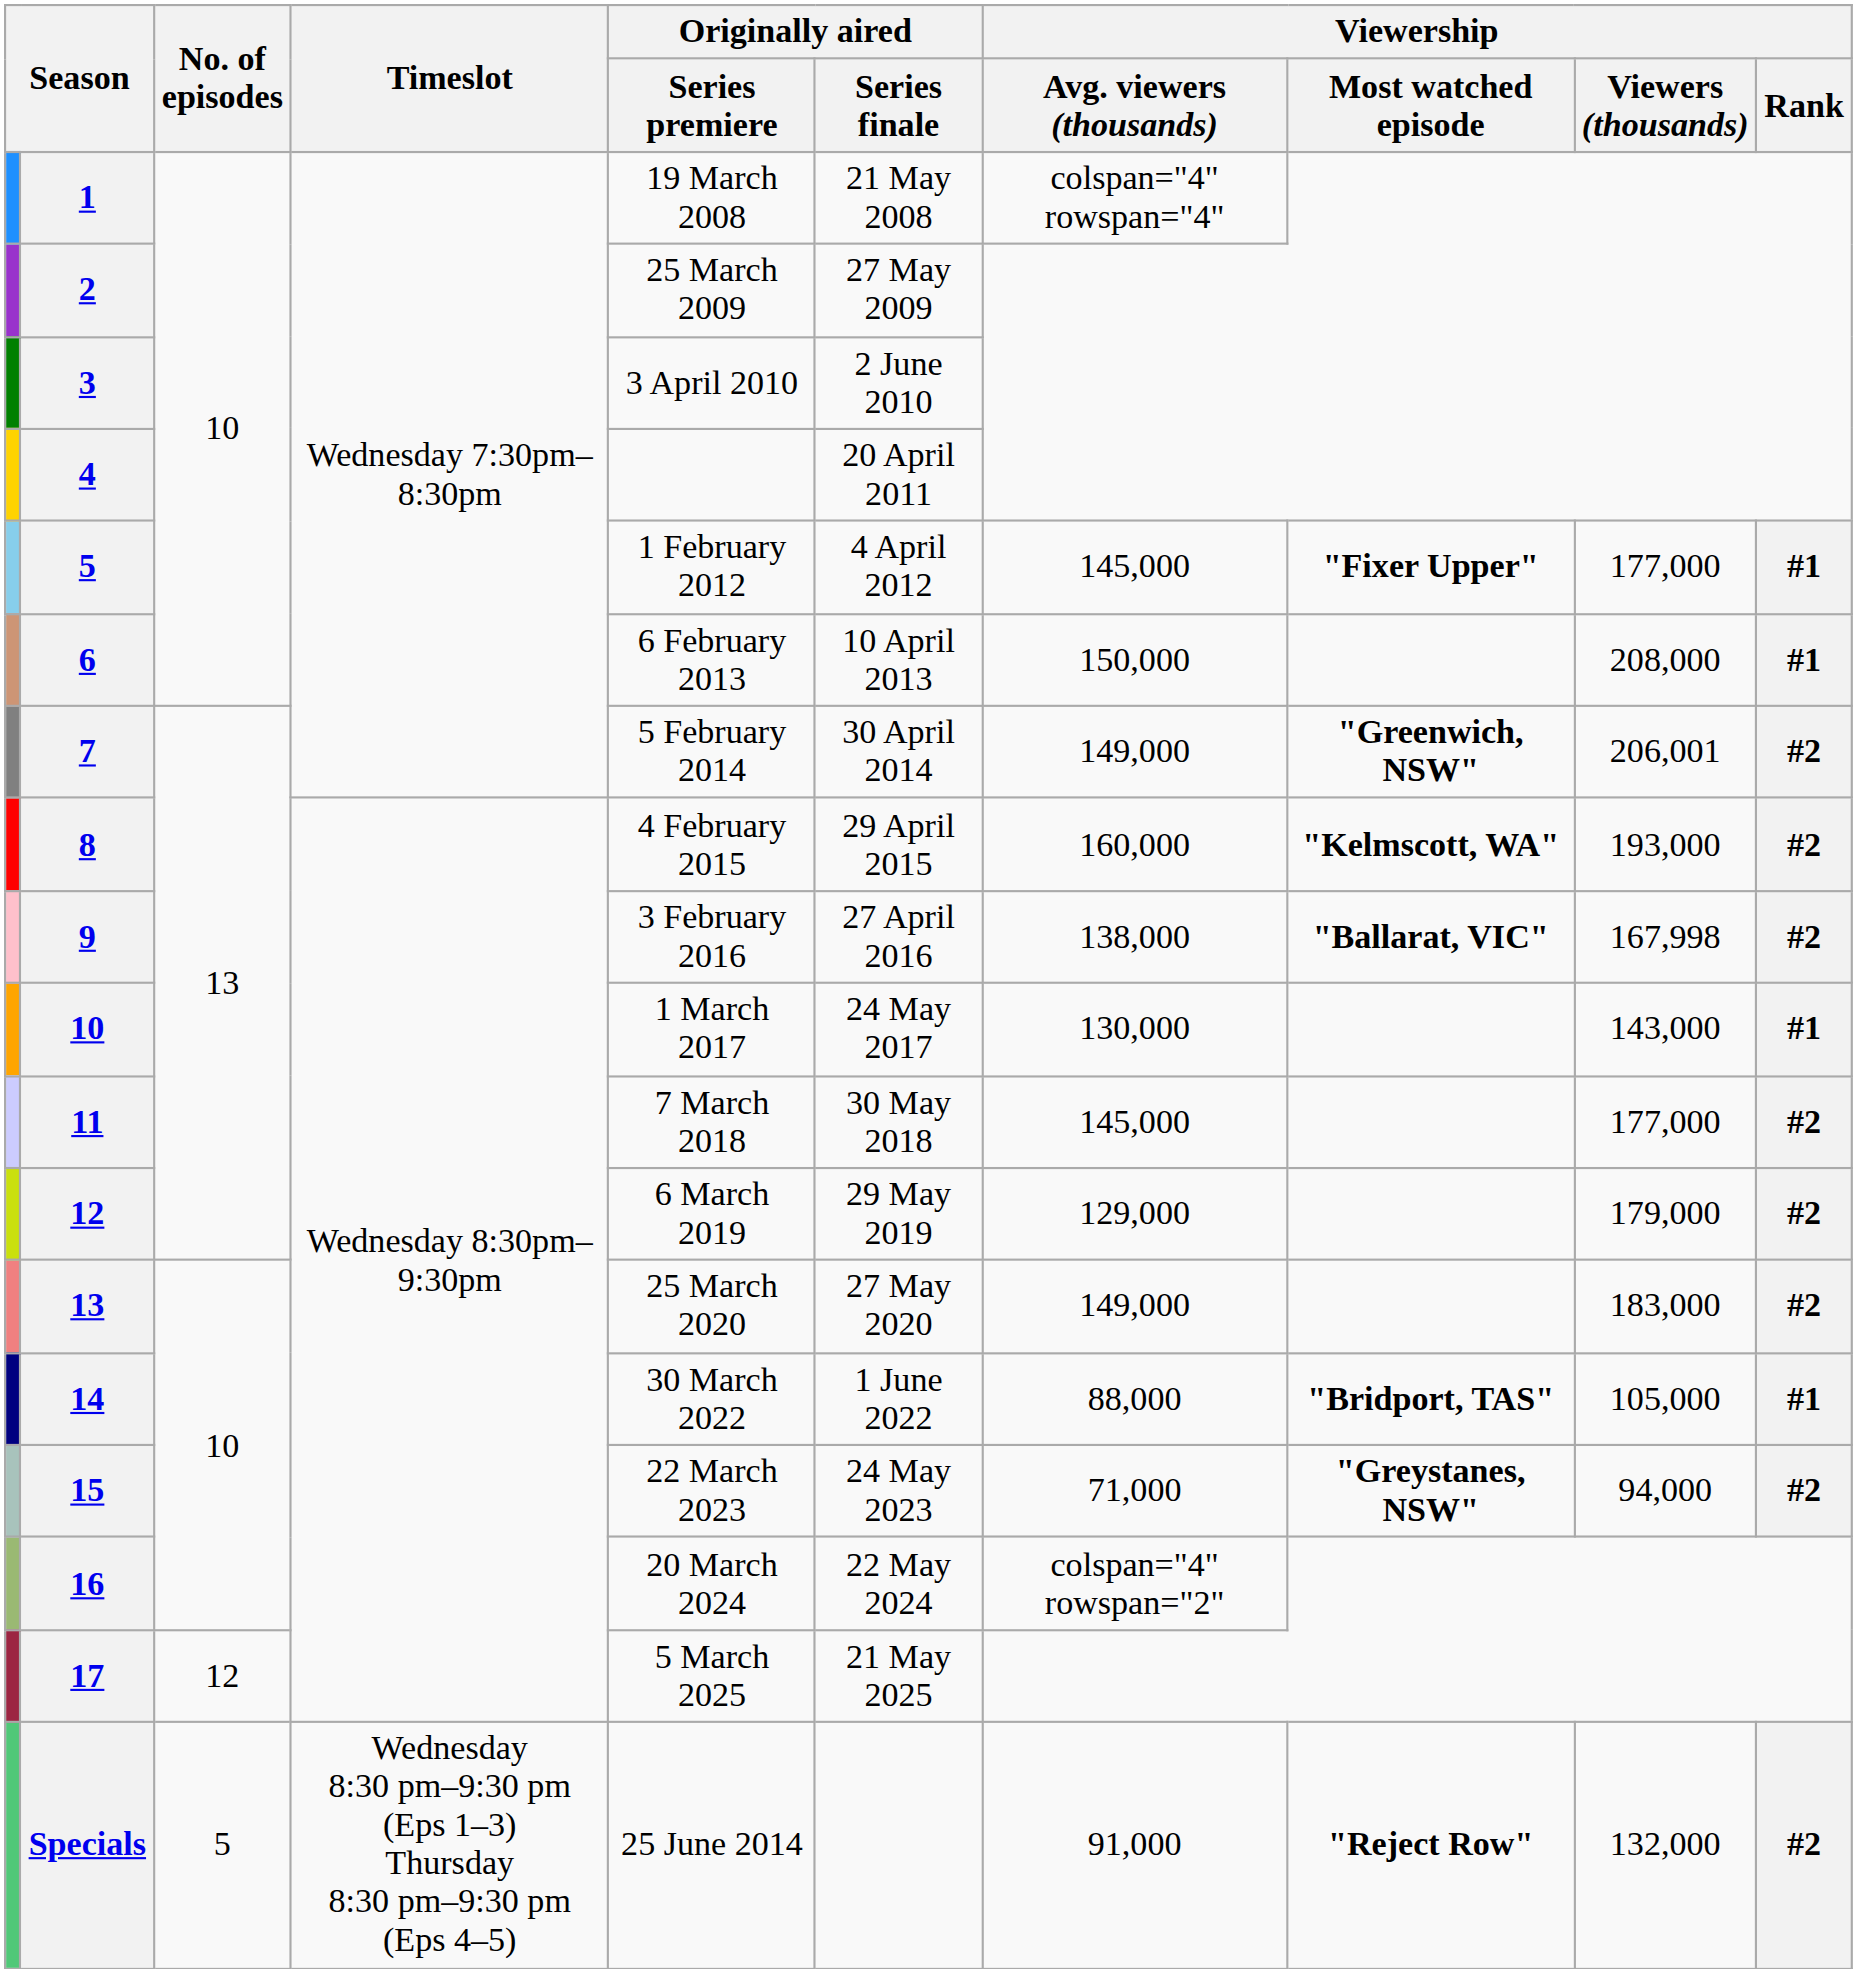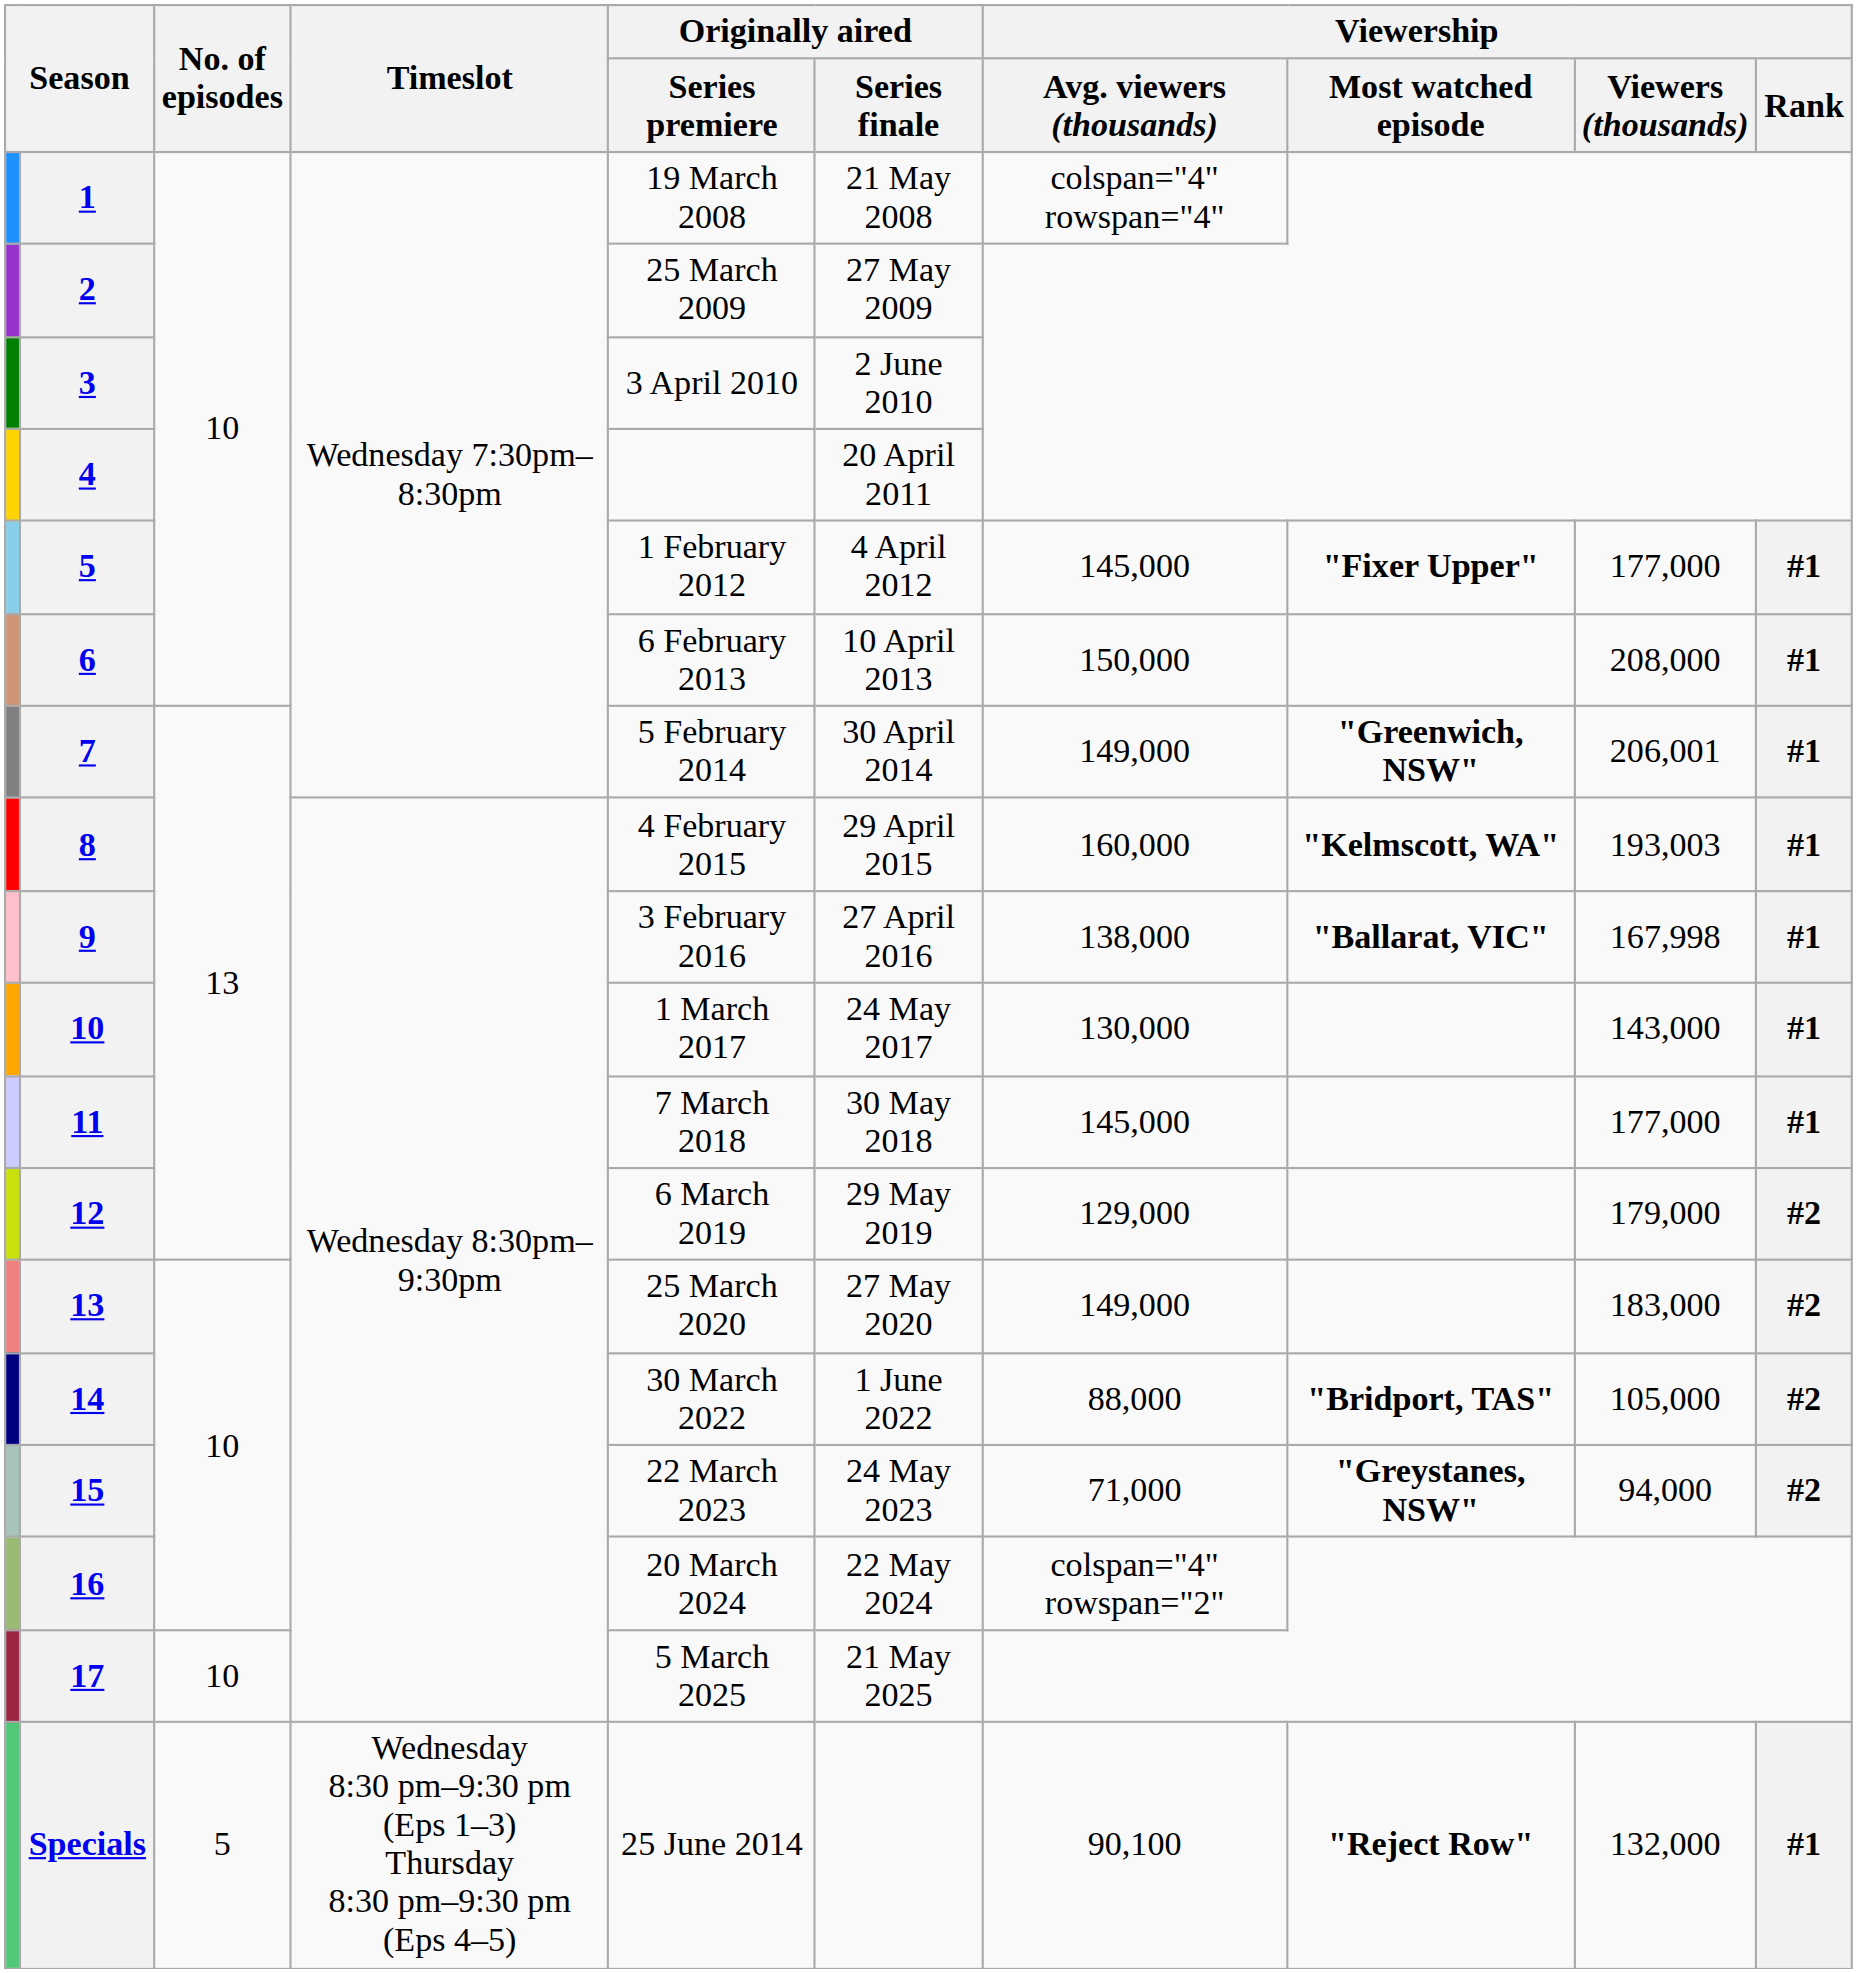 <table class="wikitable" style="text-align:center;">
 <tr>
 <th rowspan="2" colspan="2">Season</th>
 <th rowspan="2">No. of<br>episodes</th>
 <th rowspan="2">Timeslot</th>
 <th colspan="2">Originally aired</th>
 <th colspan="4">Viewership</th>
 </tr>
 <tr>
 <th>Series premiere</th>
 <th>Series finale</th>
 <th>Avg. viewers<br><em>(thousands)</em></th>
 <th>Most watched episode</th>
 <th>Viewers<br><em>(thousands)</em></th>
 <th>Rank</th>
 </tr>
 <tr>
 <th style="background:#1E90FF; color:white;"></th>
 <th><a href='#'>1</a></th>
 <td rowspan="6">10</td>
 <td rowspan="7">Wednesday 7:30pm–8:30pm</td>
 <td>19 March 2008</td>
 <td>21 May 2008</td>
 <td>colspan="4" rowspan="4" </td>
 </tr>
 <tr>
 <th style="background:#9932cc; color:white;"></th>
 <th><a href='#'>2</a></th>
 <td>25 March 2009</td>
 <td>27 May 2009</td>
 </tr>
 <tr>
 <th style="background:green; color:white;"></th>
 <th><a href='#'>3</a></th>
 <td>3 April 2010</td>
 <td>2 June 2010</td>
 </tr>
 <tr>
 <th style="background:#FFD300; color:white;"></th>
 <th><a href='#'>4</a></th>
 <td></td>
 <td>20 April 2011</td>
 </tr>
 <tr>
 <th style="background:skyblue; color:white;"></th>
 <th><a href='#'>5</a></th>
 <td>1 February 2012</td>
 <td>4 April 2012</td>
 <td>145,000</td>
 <td><strong>"Fixer Upper"</strong></td>
 <td>177,000</td>
 <th>#1</th>
 </tr>
 <tr>
 <th style="background:#CD9575; color:white;"></th>
 <th><a href='#'>6</a></th>
 <td>6 February 2013</td>
 <td>10 April 2013</td>
 <td>150,000</td>
 <td></td>
 <td>208,000</td>
 <th>#1</th>
 </tr>
 <tr>
 <th style="background:grey; color:white;"></th>
 <th><a href='#'>7</a></th>
 <td rowspan="6">13</td>
 <td>5 February 2014</td>
 <td>30 April 2014</td>
 <td>149,000</td>
 <td><strong>"Greenwich, NSW"</strong></td>
 <td>206,001</td>
-<th>#2</th>
+<th>#1</th>
 </tr>
 <tr>
 <th style="background:red; color:white;"></th>
 <th><a href='#'>8</a></th>
 <td rowspan="10">Wednesday 8:30pm–9:30pm</td>
 <td>4 February 2015</td>
 <td>29 April 2015</td>
 <td>160,000</td>
 <td><strong>"Kelmscott, WA"</strong></td>
-<td>193,000</td>
-<th>#2</th>
+<td>193,003</td>
+<th>#1</th>
 </tr>
 <tr>
 <th style="background:pink; color:white;"></th>
 <th><a href='#'>9</a></th>
 <td>3 February 2016</td>
 <td>27 April 2016</td>
 <td>138,000</td>
 <td><strong>"Ballarat, VIC"</strong></td>
 <td>167,998</td>
-<th>#2</th>
+<th>#1</th>
 </tr>
 <tr>
 <th style="background:orange; color:white;"></th>
 <th><a href='#'>10</a></th>
 <td>1 March 2017</td>
 <td>24 May 2017</td>
 <td>130,000</td>
 <td></td>
 <td>143,000</td>
 <th>#1</th>
 </tr>
 <tr>
 <th style="background:#CCCCFF; color:white;"></th>
 <th><a href='#'>11</a></th>
 <td>7 March 2018</td>
 <td>30 May 2018</td>
 <td>145,000</td>
 <td></td>
 <td>177,000</td>
-<th>#2</th>
+<th>#1</th>
 </tr>
 <tr>
 <th style="background:#CAE00D; color:white;"></th>
 <th><a href='#'>12</a></th>
 <td>6 March 2019</td>
 <td>29 May 2019</td>
 <td>129,000</td>
 <td></td>
 <td>179,000</td>
 <th>#2</th>
 </tr>
 <tr>
 <th style="background:#F08080; color:white;"></th>
 <th><a href='#'>13</a></th>
 <td rowspan=4>10</td>
 <td>25 March 2020</td>
 <td>27 May 2020</td>
 <td>149,000</td>
 <td></td>
 <td>183,000</td>
 <th>#2</th>
 </tr>
 <tr>
 <th style="background:#000080; color:white;"></th>
 <th><a href='#'>14</a></th>
 <td>30 March 2022</td>
 <td>1 June 2022</td>
 <td>88,000</td>
 <td><strong>"Bridport, TAS"</strong></td>
 <td>105,000</td>
-<th>#1</th>
+<th>#2</th>
 </tr>
 <tr>
 <th style="background:#A8C3BC; color:white;"></th>
 <th><a href='#'>15</a></th>
 <td>22 March 2023</td>
 <td>24 May 2023</td>
 <td>71,000</td>
 <td><strong>"Greystanes, NSW"</strong></td>
 <td>94,000</td>
 <th>#2</th>
 </tr>
 <tr>
 <th style="background:#9AB973; color:white;"></th>
 <th><a href='#'>16</a></th>
 <td>20 March 2024</td>
 <td>22 May 2024</td>
 <td>colspan="4" rowspan="2" </td>
 </tr>
 <tr>
 <th style="background:#9C2542; color:white;"></th>
 <th><a href='#'>17</a></th>
-<td>12</td>
+<td>10</td>
 <td>5 March 2025</td>
 <td>21 May 2025</td>
 </tr>
 <tr>
 <th style="background:#50C878; color:white;"></th>
 <th><a href='#'>Specials</a></th>
 <td>5</td>
 <td>Wednesday<br>8:30 pm–9:30 pm (Eps 1–3)<br>Thursday<br>8:30 pm–9:30 pm (Eps 4–5)</td>
 <td>25 June 2014</td>
 <td></td>
-<td>91,000</td>
+<td>90,100</td>
 <td><strong>"Reject Row"</strong></td>
 <td>132,000</td>
-<th>#2</th>
+<th>#1</th>
 </tr>
 </table>
